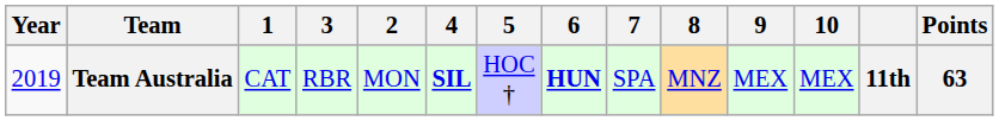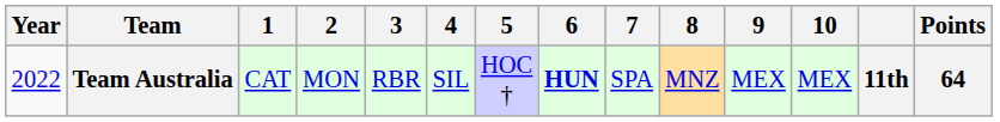 <table class="wikitable" style="text-align:center; font-size:85%">
 <tr>
 <th>Year</th>
 <th>Team</th>
 <th>1</th>
+<th>2</th>
 <th>3</th>
-<th>2</th>
 <th>4</th>
 <th>5</th>
 <th>6</th>
 <th>7</th>
 <th>8</th>
 <th>9</th>
 <th>10</th>
 <th></th>
 <th>Points</th>
 </tr>
 <tr>
-<td><a href='#'>2019</a></td>
+<td><a href='#'>2022</a></td>
 <th nowrap>Team Australia</th>
 <td style="background:#DFFFDF"><a href='#'>CAT</a><br></td>
+<td style="background:#DFFFDF"><a href='#'>MON</a><br></td>
 <td style="background:#DFFFDF"><a href='#'>RBR</a><br></td>
-<td style="background:#DFFFDF"><a href='#'>MON</a><br></td>
-<td style="background:#DFFFDF"><strong><a href='#'>SIL</a><br></strong></td>
+<td style="background:#DFFFDF"><a href='#'>SIL</a><br></td>
 <td style="background:#CFCFFF"><a href='#'>HOC</a><br>†</td>
 <td style="background:#DFFFDF"><strong><a href='#'>HUN</a><br></strong></td>
 <td style="background:#DFFFDF"><a href='#'>SPA</a><br></td>
 <td style="background:#FFDF9F"><a href='#'>MNZ</a><br></td>
 <td style="background:#DFFFDF"><a href='#'>MEX</a><br></td>
 <td style="background:#DFFFDF"><a href='#'>MEX</a><br></td>
 <th>11th</th>
-<th>63</th>
+<th>64</th>
 </tr>
 </table>
